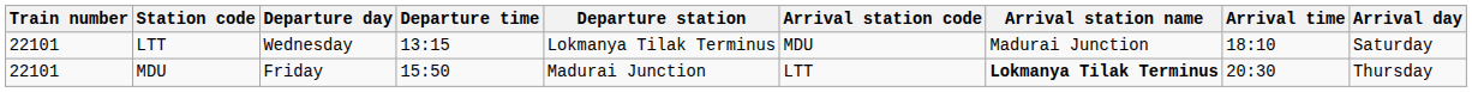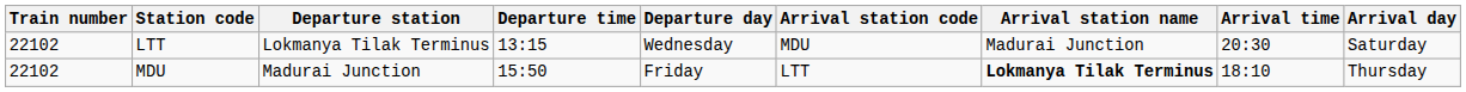 <table class="wikitable">
 <tr>
 <th>Train number</th>
 <th>Station code</th>
+<th>Departure station</th>
+<th>Departure time</th>
 <th>Departure day</th>
-<th>Departure time</th>
-<th>Departure station</th>
 <th>Arrival station code</th>
 <th>Arrival station name</th>
 <th>Arrival time</th>
 <th>Arrival day</th>
 </tr>
 <tr>
-<td>22101</td>
+<td>22102</td>
 <td>LTT</td>
+<td>Lokmanya Tilak Terminus</td>
+<td>13:15</td>
 <td>Wednesday</td>
-<td>13:15</td>
-<td>Lokmanya Tilak Terminus</td>
 <td>MDU</td>
 <td>Madurai Junction</td>
-<td>18:10</td>
+<td>20:30</td>
 <td>Saturday</td>
 </tr>
 <tr>
-<td>22101</td>
+<td>22102</td>
 <td>MDU</td>
+<td>Madurai Junction</td>
+<td>15:50</td>
 <td>Friday</td>
-<td>15:50</td>
-<td>Madurai Junction</td>
 <td>LTT</td>
 <td><strong>Lokmanya Tilak Terminus</strong></td>
-<td>20:30</td>
+<td>18:10</td>
 <td>Thursday</td>
 </tr>
 </table>
